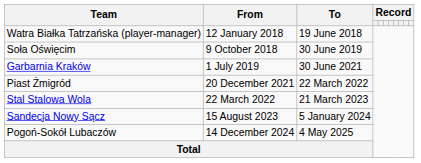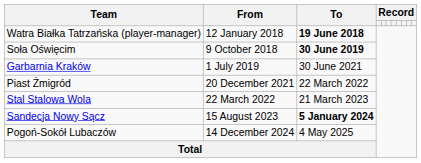 <table class="wikitable" style="text-align: center;">
 <tr>
 <th rowspan="2">Team</th>
 <th rowspan="2">From</th>
 <th rowspan="2">To</th>
 <th colspan="8">Record</th>
 </tr>
 <tr>
 <th></th>
 <th></th>
 <th></th>
 <th></th>
 <th></th>
 <th></th>
 <th></th>
 <th></th>
 </tr>
 <tr>
 <td align=left>Watra Białka Tatrzańska (player-manager)</td>
 <td align=left>12 January 2018</td>
-<td align=left>19 June 2018<br></td>
+<td align=left><strong>19 June 2018<br></strong></td>
 </tr>
 <tr>
 <td align=left>Soła Oświęcim</td>
 <td align=left>9 October 2018</td>
-<td align=left>30 June 2019<br></td>
+<td align=left><strong>30 June 2019<br></strong></td>
 </tr>
 <tr>
 <td align=left><a href='#'>Garbarnia Kraków</a></td>
 <td align=left>1 July 2019</td>
 <td align=left>30 June 2021<br></td>
 </tr>
 <tr>
 <td align=left>Piast Żmigród</td>
 <td align=left>20 December 2021</td>
 <td align=left>22 March 2022<br></td>
 </tr>
 <tr>
 <td align=left><a href='#'>Stal Stalowa Wola</a></td>
 <td align=left>22 March 2022</td>
 <td align=left>21 March 2023<br></td>
 </tr>
 <tr>
 <td align=left><a href='#'>Sandecja Nowy Sącz</a></td>
 <td align=left>15 August 2023</td>
-<td align=left>5 January 2024<br></td>
+<td align=left><strong>5 January 2024<br></strong></td>
 </tr>
 <tr>
 <td align=left>Pogoń-Sokół Lubaczów</td>
 <td align=left>14 December 2024</td>
 <td align=left>4 May 2025<br></td>
 </tr>
 <tr>
 <th colspan="3">Total<br></th>
 </tr>
 </table>
